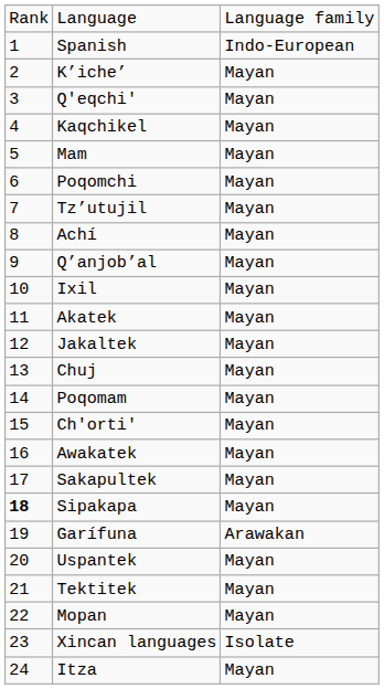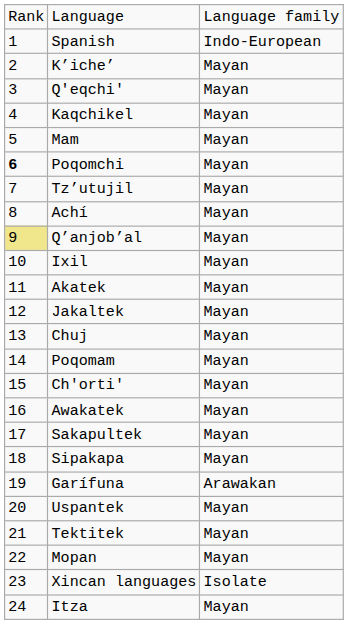 <table class="wikitable">
 <tr>
 <td>Rank</td>
 <td>Language</td>
 <td>Language family</td>
 </tr>
 <tr>
 <td>1</td>
 <td>Spanish</td>
 <td>Indo-European</td>
 </tr>
 <tr>
 <td>2</td>
 <td>K’iche’</td>
 <td>Mayan</td>
 </tr>
 <tr>
 <td>3</td>
 <td>Q'eqchi'</td>
 <td>Mayan</td>
 </tr>
 <tr>
 <td>4</td>
 <td>Kaqchikel</td>
 <td>Mayan</td>
 </tr>
 <tr>
 <td>5</td>
 <td>Mam</td>
 <td>Mayan</td>
 </tr>
 <tr>
-<td>6</td>
+<td><strong>6</strong></td>
 <td>Poqomchi</td>
 <td>Mayan</td>
 </tr>
 <tr>
 <td>7</td>
 <td>Tz’utujil</td>
 <td>Mayan</td>
 </tr>
 <tr>
 <td>8</td>
 <td>Achí</td>
 <td>Mayan</td>
 </tr>
 <tr>
-<td>9</td>
+<td style="background: khaki;">9</td>
 <td>Q’anjob’al</td>
 <td>Mayan</td>
 </tr>
 <tr>
 <td>10</td>
 <td>Ixil</td>
 <td>Mayan</td>
 </tr>
 <tr>
 <td>11</td>
 <td>Akatek</td>
 <td>Mayan</td>
 </tr>
 <tr>
 <td>12</td>
 <td>Jakaltek</td>
 <td>Mayan</td>
 </tr>
 <tr>
 <td>13</td>
 <td>Chuj</td>
 <td>Mayan</td>
 </tr>
 <tr>
 <td>14</td>
 <td>Poqomam</td>
 <td>Mayan</td>
 </tr>
 <tr>
 <td>15</td>
 <td>Ch'orti'</td>
 <td>Mayan</td>
 </tr>
 <tr>
 <td>16</td>
 <td>Awakatek</td>
 <td>Mayan</td>
 </tr>
 <tr>
 <td>17</td>
 <td>Sakapultek</td>
 <td>Mayan</td>
 </tr>
 <tr>
-<td><strong>18</strong></td>
+<td>18</td>
 <td>Sipakapa</td>
 <td>Mayan</td>
 </tr>
 <tr>
 <td>19</td>
 <td>Garífuna</td>
 <td>Arawakan</td>
 </tr>
 <tr>
 <td>20</td>
 <td>Uspantek</td>
 <td>Mayan</td>
 </tr>
 <tr>
 <td>21</td>
 <td>Tektitek</td>
 <td>Mayan</td>
 </tr>
 <tr>
 <td>22</td>
 <td>Mopan</td>
 <td>Mayan</td>
 </tr>
 <tr>
 <td>23</td>
 <td>Xincan languages</td>
 <td>Isolate</td>
 </tr>
 <tr>
 <td>24</td>
 <td>Itza</td>
 <td>Mayan</td>
 </tr>
 </table>
